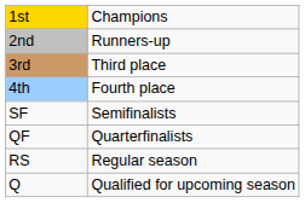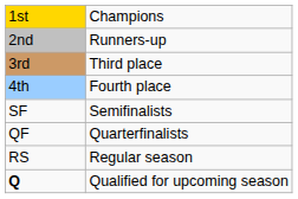 <table class="wikitable">
 <tr>
 <td style="background-color:gold" width="80px">1st</td>
 <td colspan="6">Champions</td>
 </tr>
 <tr>
 <td style="background-color:silver" width="80px">2nd</td>
 <td colspan="6">Runners-up</td>
 </tr>
 <tr>
 <td style="background-color:#CC9966" width="80px">3rd</td>
 <td colspan="6">Third place</td>
 </tr>
 <tr>
 <td style="background-color:#9acdff" width="80px">4th</td>
 <td colspan="6">Fourth place</td>
 </tr>
 <tr>
 <td width="80px">SF</td>
 <td colspan="6">Semifinalists</td>
 </tr>
 <tr>
 <td width="80px">QF</td>
 <td colspan="6">Quarterfinalists</td>
 </tr>
 <tr>
 <td width="80px">RS</td>
 <td colspan="6">Regular season</td>
 </tr>
 <tr>
-<td width="80px">Q</td>
+<td width="80px"><strong>Q</strong></td>
 <td colspan="6">Qualified for upcoming season</td>
 </tr>
 </table>
